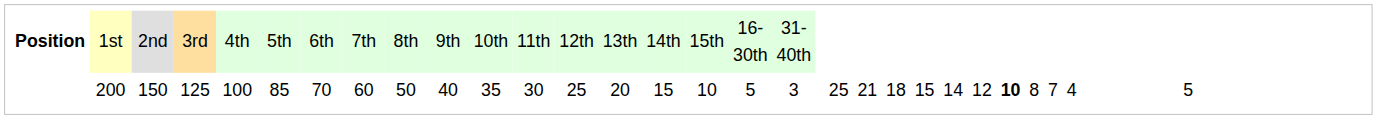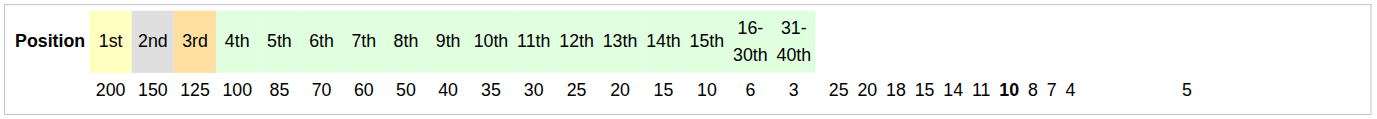 <table cellpadding="4" cellspacing="0"  style="border: 1px solid rgb(200,200,200); color: black; margin: 0 0 0.5em 0; background-color: rgb(255, 255, 255); padding: 5px; float: left; clear: left; ; text-align: center; vertical-align: top; font-size: 100%; line-height: 1.5em;">
 <tr>
 <td align="left"><strong>Position</strong></td>
 <td width=30 bgcolor="#ffffbf">1st</td>
 <td width=30 bgcolor="#dfdfdf">2nd</td>
 <td width=30 bgcolor="#ffdf9f">3rd</td>
 <td width=30 bgcolor="#dfffdf">4th</td>
 <td width=30 bgcolor="#dfffdf">5th</td>
 <td width=30 bgcolor="#dfffdf">6th</td>
 <td width=30 bgcolor="#dfffdf">7th</td>
 <td width=30 bgcolor="#dfffdf">8th</td>
 <td width=30 bgcolor="#dfffdf">9th</td>
 <td width=30 bgcolor="#dfffdf">10th</td>
 <td width=30 bgcolor="#dfffdf">11th</td>
 <td width=30 bgcolor="#dfffdf">12th</td>
 <td width=30 bgcolor="#dfffdf">13th</td>
 <td width=30 bgcolor="#dfffdf">14th</td>
 <td width=30 bgcolor="#dfffdf">15th</td>
 <td width=30 bgcolor="#dfffdf">16-30th</td>
 <td width=30 bgcolor="#dfffdf">31-40th</td>
 </tr>
 <tr>
 <td align="left"></td>
 <td>200</td>
 <td>150</td>
 <td>125</td>
 <td>100</td>
 <td>85</td>
 <td>70</td>
 <td>60</td>
 <td>50</td>
 <td>40</td>
 <td>35</td>
 <td>30</td>
 <td>25</td>
 <td>20</td>
 <td>15</td>
 <td>10</td>
-<td>5</td>
+<td>6</td>
 <td>3<br></td>
 <td align="left"></td>
 <td>25</td>
-<td>21</td>
+<td>20</td>
 <td>18</td>
 <td>15</td>
 <td>14</td>
-<td>12</td>
+<td>11</td>
 <td><strong>10</strong></td>
 <td>8</td>
 <td>7</td>
 <td>4</td>
 <td></td>
 <td></td>
 <td></td>
 <td></td>
 <td></td>
 <td></td>
 <td></td>
 <td></td>
 <td></td>
 <td><br></td>
 <td align="left"></td>
 <td>5</td>
 <td></td>
 <td></td>
 <td></td>
 <td></td>
 <td></td>
 <td></td>
 <td></td>
 <td></td>
 <td></td>
 <td></td>
 <td></td>
 <td></td>
 <td></td>
 <td></td>
 <td></td>
 <td></td>
 <td></td>
 <td></td>
 <td></td>
 </tr>
 </table>
